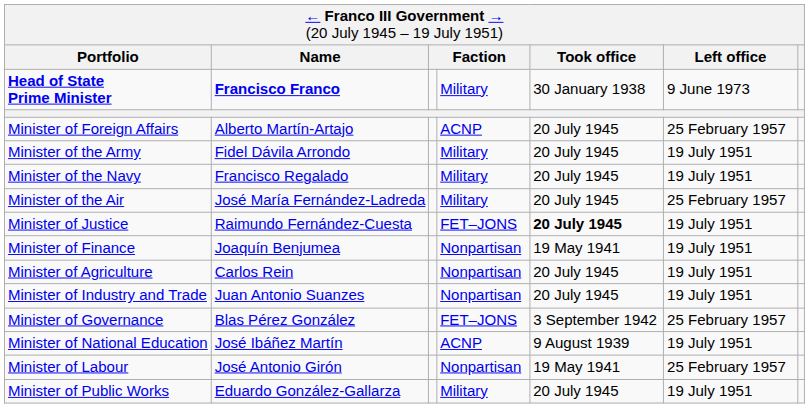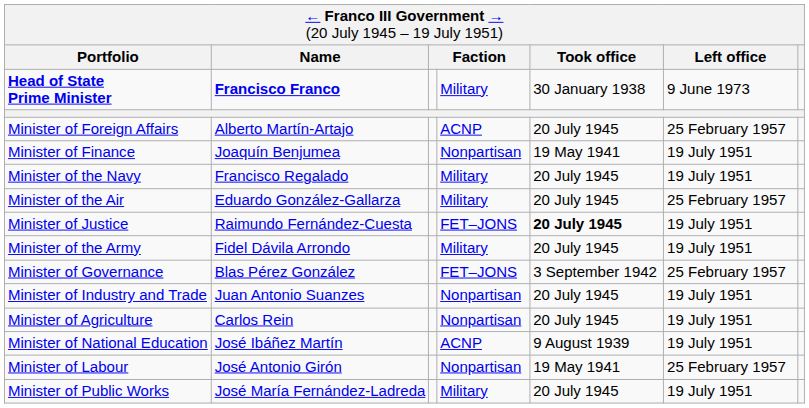 <table class="wikitable">
 <tr>
 <td colspan="7" bgcolor="#F2F2F2" align="center"><a href='#'>←</a> <strong>Franco III Government</strong> <a href='#'>→</a><br>(20 July 1945 – 19 July 1951)</td>
 </tr>
 <tr>
 <th>Portfolio</th>
 <th>Name</th>
 <th width="100px" colspan="2">Faction</th>
 <th width="135px">Took office</th>
 <th width="135px">Left office</th>
 <th></th>
 </tr>
 <tr>
 <td><strong><a href='#'>Head of State</a><br><a href='#'>Prime Minister</a></strong></td>
 <td><strong><a href='#'>Francisco Franco</a></strong></td>
 <td width="1" style="background-color:"></td>
 <td><a href='#'>Military</a></td>
 <td>30 January 1938</td>
 <td>9 June 1973</td>
 <td align="center"><br></td>
 </tr>
 <tr>
 <th colspan="7"></th>
 </tr>
 <tr>
 <td><a href='#'>Minister of Foreign Affairs</a></td>
 <td><a href='#'>Alberto Martín-Artajo</a></td>
 <td style="background-color:"></td>
 <td><a href='#'>ACNP</a></td>
 <td>20 July 1945</td>
 <td>25 February 1957</td>
 <td align="center"></td>
 </tr>
 <tr>
-<td><a href='#'>Minister of the Army</a></td>
-<td><a href='#'>Fidel Dávila Arrondo</a></td>
+<td><a href='#'>Minister of Finance</a></td>
+<td><a href='#'>Joaquín Benjumea</a></td>
 <td style="background-color:"></td>
-<td><a href='#'>Military</a></td>
-<td>20 July 1945</td>
+<td><a href='#'>Nonpartisan</a></td>
+<td>19 May 1941</td>
 <td>19 July 1951</td>
 <td align="center"></td>
 </tr>
 <tr>
 <td><a href='#'>Minister of the Navy</a></td>
 <td><a href='#'>Francisco Regalado</a></td>
 <td style="background-color:"></td>
 <td><a href='#'>Military</a></td>
 <td>20 July 1945</td>
 <td>19 July 1951</td>
 <td align="center"></td>
 </tr>
 <tr>
 <td><a href='#'>Minister of the Air</a></td>
-<td><a href='#'>José María Fernández-Ladreda</a></td>
+<td><a href='#'>Eduardo González-Gallarza</a></td>
 <td style="background-color:"></td>
 <td><a href='#'>Military</a></td>
 <td>20 July 1945</td>
 <td>25 February 1957</td>
 <td align="center"></td>
 </tr>
 <tr>
 <td><a href='#'>Minister of Justice</a></td>
 <td><a href='#'>Raimundo Fernández-Cuesta</a></td>
 <td style="background-color:"></td>
 <td><a href='#'>FET–JONS</a></td>
 <td><strong>20 July 1945</strong></td>
 <td>19 July 1951</td>
 <td align="center"></td>
 </tr>
 <tr>
-<td><a href='#'>Minister of Finance</a></td>
-<td><a href='#'>Joaquín Benjumea</a></td>
+<td><a href='#'>Minister of the Army</a></td>
+<td><a href='#'>Fidel Dávila Arrondo</a></td>
 <td style="background-color:"></td>
-<td><a href='#'>Nonpartisan</a></td>
-<td>19 May 1941</td>
+<td><a href='#'>Military</a></td>
+<td>20 July 1945</td>
 <td>19 July 1951</td>
 <td align="center"></td>
 </tr>
 <tr>
-<td><a href='#'>Minister of Agriculture</a></td>
-<td><a href='#'>Carlos Rein</a></td>
+<td><a href='#'>Minister of Governance</a></td>
+<td><a href='#'>Blas Pérez González</a></td>
 <td style="background-color:"></td>
-<td><a href='#'>Nonpartisan</a></td>
-<td>20 July 1945</td>
-<td>19 July 1951</td>
+<td><a href='#'>FET–JONS</a></td>
+<td>3 September 1942</td>
+<td>25 February 1957</td>
 <td align="center"></td>
 </tr>
 <tr>
 <td><a href='#'>Minister of Industry and Trade</a></td>
 <td><a href='#'>Juan Antonio Suanzes</a></td>
 <td style="background-color:"></td>
 <td><a href='#'>Nonpartisan</a></td>
 <td>20 July 1945</td>
 <td>19 July 1951</td>
 <td align="center"></td>
 </tr>
 <tr>
-<td><a href='#'>Minister of Governance</a></td>
-<td><a href='#'>Blas Pérez González</a></td>
+<td><a href='#'>Minister of Agriculture</a></td>
+<td><a href='#'>Carlos Rein</a></td>
 <td style="background-color:"></td>
-<td><a href='#'>FET–JONS</a></td>
-<td>3 September 1942</td>
-<td>25 February 1957</td>
+<td><a href='#'>Nonpartisan</a></td>
+<td>20 July 1945</td>
+<td>19 July 1951</td>
 <td align="center"></td>
 </tr>
 <tr>
 <td><a href='#'>Minister of National Education</a></td>
 <td><a href='#'>José Ibáñez Martín</a></td>
 <td style="background-color:"></td>
 <td><a href='#'>ACNP</a></td>
 <td>9 August 1939</td>
 <td>19 July 1951</td>
 <td align="center"></td>
 </tr>
 <tr>
 <td><a href='#'>Minister of Labour</a></td>
 <td><a href='#'>José Antonio Girón</a></td>
 <td style="background-color:"></td>
 <td><a href='#'>Nonpartisan</a></td>
 <td>19 May 1941</td>
 <td>25 February 1957</td>
 <td align="center"></td>
 </tr>
 <tr>
 <td><a href='#'>Minister of Public Works</a></td>
-<td><a href='#'>Eduardo González-Gallarza</a></td>
+<td><a href='#'>José María Fernández-Ladreda</a></td>
 <td style="background-color:"></td>
 <td><a href='#'>Military</a></td>
 <td>20 July 1945</td>
 <td>19 July 1951</td>
 <td align="center"></td>
 </tr>
 </table>
